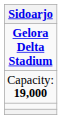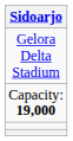 <table class="wikitable" style="text-align:center">
 <tr>
 <th width="20px"><a href='#'>Sidoarjo</a></th>
 </tr>
 <tr>
-<td><strong><a href='#'>Gelora Delta Stadium</a></strong></td>
+<td><a href='#'>Gelora Delta Stadium</a></td>
 </tr>
 <tr>
 <td>Capacity: <strong>19,000</strong></td>
 </tr>
 <tr>
 <td></td>
 </tr>
 <tr>
 <th></th>
 </tr>
 </table>
